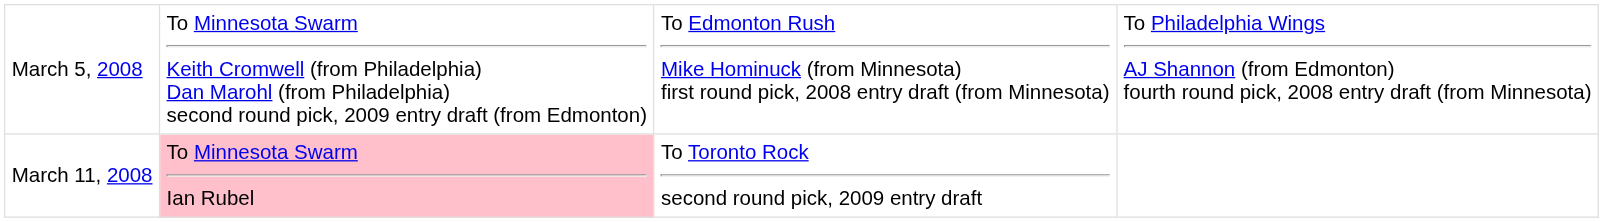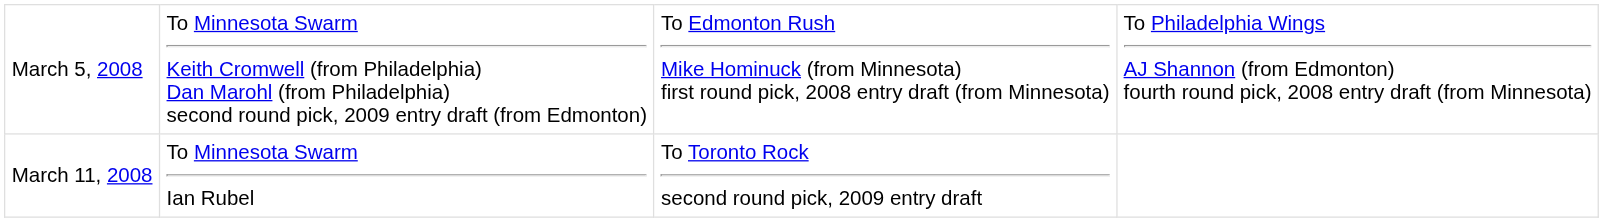 <table border=1 style="border-collapse:collapse" bordercolor="#DFDFDF"  cellpadding="5">
 <tr>
 <td>March 5, <a href='#'>2008</a><br></td>
 <td valign="top">To <a href='#'>Minnesota Swarm</a> <hr><a href='#'>Keith Cromwell</a> (from Philadelphia)<br><a href='#'>Dan Marohl</a> (from Philadelphia)<br>second round pick, 2009 entry draft (from Edmonton)</td>
 <td valign="top">To <a href='#'>Edmonton Rush</a> <hr><a href='#'>Mike Hominuck</a> (from Minnesota)<br>first round pick, 2008 entry draft (from Minnesota)</td>
 <td valign="top">To <a href='#'>Philadelphia Wings</a> <hr><a href='#'>AJ Shannon</a> (from Edmonton)<br>fourth round pick, 2008 entry draft (from Minnesota)</td>
 </tr>
 <tr>
 <td>March 11, <a href='#'>2008</a><br></td>
-<td valign="top" style="background: pink;">To <a href='#'>Minnesota Swarm</a> <hr> Ian Rubel</td>
+<td valign="top">To <a href='#'>Minnesota Swarm</a> <hr> Ian Rubel</td>
 <td valign="top">To <a href='#'>Toronto Rock</a> <hr>second round pick, 2009 entry draft</td>
 </tr>
 </table>
